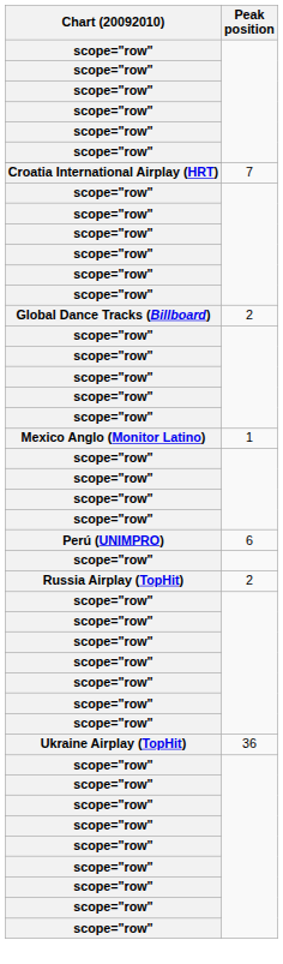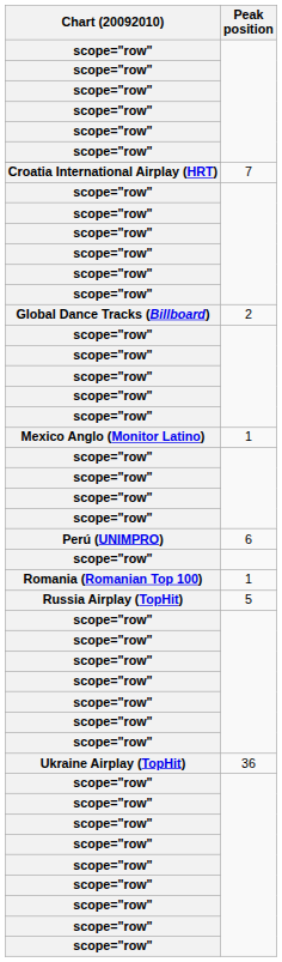 <table class="wikitable sortable plainrowheaders" style="text-align:center;">
 <tr>
 <th scope="col">Chart (20092010)</th>
 <th scope="col">Peak<br>position</th>
 </tr>
 <tr>
 <th>scope="row"</th>
 </tr>
 <tr>
 <th>scope="row"</th>
 </tr>
 <tr>
 <th>scope="row"</th>
 </tr>
 <tr>
 <th>scope="row"</th>
 </tr>
 <tr>
 <th>scope="row"</th>
 </tr>
 <tr>
 <th>scope="row"</th>
 </tr>
 <tr>
 </tr>
 <tr>
 <th scope="row">Croatia International Airplay (<a href='#'>HRT</a>)</th>
 <td>7</td>
 </tr>
 <tr>
 <th>scope="row"</th>
 </tr>
 <tr>
 <th>scope="row"</th>
 </tr>
 <tr>
 <th>scope="row"</th>
 </tr>
 <tr>
 <th>scope="row"</th>
 </tr>
 <tr>
 <th>scope="row"</th>
 </tr>
 <tr>
 <th>scope="row"</th>
 </tr>
 <tr>
 <th scope="row">Global Dance Tracks (<em><a href='#'>Billboard</a></em>)</th>
 <td align="center">2</td>
 </tr>
 <tr>
 <th>scope="row"</th>
 </tr>
 <tr>
 <th>scope="row"</th>
 </tr>
 <tr>
 <th>scope="row"</th>
 </tr>
 <tr>
 <th>scope="row"</th>
 </tr>
 <tr>
 <th>scope="row"</th>
 </tr>
 <tr>
 <th scope="row">Mexico Anglo (<a href='#'>Monitor Latino</a>)</th>
 <td>1</td>
 </tr>
 <tr>
 <th>scope="row"</th>
 </tr>
 <tr>
 <th>scope="row"</th>
 </tr>
 <tr>
 <th>scope="row"</th>
 </tr>
 <tr>
 <th>scope="row"</th>
 </tr>
 <tr>
 <th scope="row">Perú (<a href='#'>UNIMPRO</a>) </th>
 <td align="center">6</td>
 </tr>
 <tr>
 <th>scope="row"</th>
 </tr>
 <tr>
+<th scope="row">Romania (<a href='#'>Romanian Top 100</a>)</th>
+<td>1</td>
+</tr>
+<tr>
 <th scope="row">Russia Airplay (<a href='#'>TopHit</a>)</th>
-<td>2</td>
+<td>5</td>
 </tr>
 <tr>
 <th>scope="row"</th>
 </tr>
 <tr>
 <th>scope="row"</th>
 </tr>
 <tr>
 <th>scope="row"</th>
 </tr>
 <tr>
 <th>scope="row"</th>
 </tr>
 <tr>
 <th>scope="row"</th>
 </tr>
 <tr>
 <th>scope="row"</th>
 </tr>
 <tr>
 <th>scope="row"</th>
 </tr>
 <tr>
 <th scope="row">Ukraine Airplay (<a href='#'>TopHit</a>)</th>
 <td>36</td>
 </tr>
 <tr>
 <th>scope="row"</th>
 </tr>
 <tr>
 <th>scope="row"</th>
 </tr>
 <tr>
 <th>scope="row"</th>
 </tr>
 <tr>
 <th>scope="row"</th>
 </tr>
 <tr>
 <th>scope="row"</th>
 </tr>
 <tr>
 <th>scope="row"</th>
 </tr>
 <tr>
 <th>scope="row"</th>
 </tr>
 <tr>
 <th>scope="row"</th>
 </tr>
 <tr>
 <th>scope="row"</th>
 </tr>
 </table>
